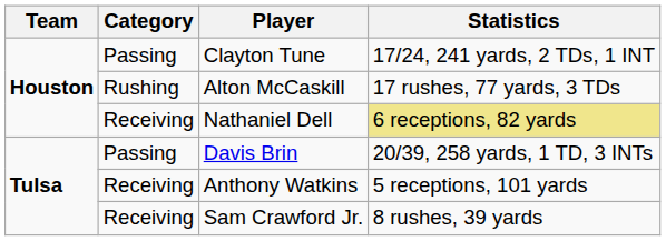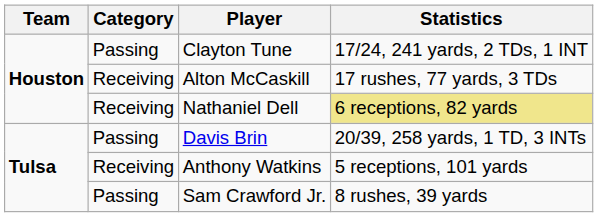 <table class="wikitable" style="float: left;">
 <tr>
 <th>Team</th>
 <th>Category</th>
 <th>Player</th>
 <th>Statistics</th>
 </tr>
 <tr>
 <td rowspan=3><strong>Houston</strong></td>
 <td>Passing</td>
 <td>Clayton Tune</td>
 <td>17/24, 241 yards, 2 TDs, 1 INT</td>
 </tr>
 <tr>
-<td>Rushing</td>
+<td>Receiving</td>
 <td>Alton McCaskill</td>
 <td>17 rushes, 77 yards, 3 TDs</td>
 </tr>
 <tr>
 <td>Receiving</td>
 <td>Nathaniel Dell</td>
 <td style="background: khaki;">6 receptions, 82 yards</td>
 </tr>
 <tr>
 <td rowspan=3><strong>Tulsa</strong></td>
 <td>Passing</td>
 <td><a href='#'>Davis Brin</a></td>
 <td>20/39, 258 yards, 1 TD, 3 INTs</td>
 </tr>
 <tr>
 <td>Receiving</td>
 <td>Anthony Watkins</td>
 <td>5 receptions, 101 yards</td>
 </tr>
 <tr>
-<td>Receiving</td>
+<td>Passing</td>
 <td>Sam Crawford Jr.</td>
 <td>8 rushes, 39 yards</td>
 </tr>
 </table>
